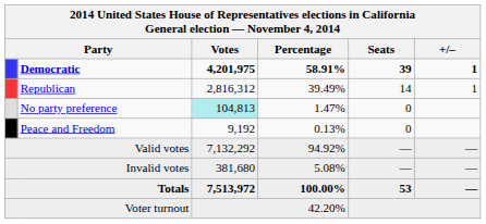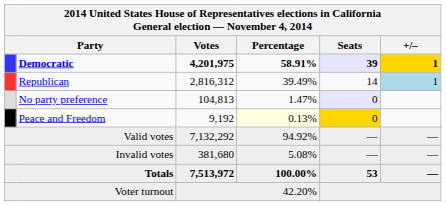 <table class="wikitable" style="font-size: 95%;">
 <tr>
 <th colspan="7">2014 United States House of Representatives elections in California<br>General election — November 4, 2014</th>
 </tr>
 <tr>
 <th colspan=2 style="width: 15em">Party</th>
 <th style="width: 5em">Votes</th>
 <th style="width: 7em">Percentage</th>
 <th style="width: 5em">Seats</th>
 <th style="width: 5em">+/–</th>
 </tr>
 <tr>
 <th style="background:#33f; width:3px;"></th>
 <td style="width: 130px"><strong><a href='#'>Democratic</a></strong></td>
 <td style="text-align:right;"><strong>4,201,975</strong></td>
 <td style="text-align:right;"><strong>58.91%</strong></td>
-<td style="text-align:right;"><strong>39</strong></td>
-<td style="text-align:right;"><strong> 1</strong></td>
+<td style="background: lavender; text-align:right;"><strong>39</strong></td>
+<td style="background: gold; text-align:right;"><strong> 1</strong></td>
 </tr>
 <tr>
 <th style="background:#f33; width:3px;"></th>
 <td style="width: 130px"><a href='#'>Republican</a></td>
 <td style="text-align:right;">2,816,312</td>
 <td style="text-align:right;">39.49%</td>
 <td style="text-align:right;">14</td>
-<td style="text-align:right;"> 1</td>
+<td style="background: lightblue; text-align:right;"> 1</td>
 </tr>
 <tr>
 <th style="background:#ddd; width:3px;"></th>
 <td style="width: 130px"><a href='#'>No party preference</a></td>
-<td style="background: paleturquoise; text-align:right;">104,813</td>
+<td style="text-align:right;">104,813</td>
 <td style="text-align:right;">1.47%</td>
-<td style="text-align:right;">0</td>
+<td style="background: lavender; text-align:right;">0</td>
 <td style="text-align:right;"></td>
 </tr>
 <tr>
 <th style="background:#000; width:3px;"></th>
 <td style="width: 130px"><a href='#'>Peace and Freedom</a></td>
 <td style="text-align:right;">9,192</td>
-<td style="text-align:right;">0.13%</td>
-<td style="text-align:right;">0</td>
+<td style="background: lightyellow; text-align:right;">0.13%</td>
+<td style="background: gold; text-align:right;">0</td>
 <td style="text-align:right;"></td>
 </tr>
 <tr style="background:#eee; text-align:right;">
 <td colspan="2">Valid votes</td>
 <td>7,132,292</td>
 <td>94.92%</td>
 <td>—</td>
 <td>—</td>
 </tr>
 <tr style="background:#eee; text-align:right;">
 <td colspan="2">Invalid votes</td>
 <td>381,680</td>
 <td>5.08%</td>
 <td>—</td>
 <td>—</td>
 </tr>
 <tr style="background:#eee; text-align:right;">
 <td colspan="2"><strong>Totals</strong></td>
 <td><strong>7,513,972</strong></td>
 <td><strong>100.00%</strong></td>
 <td><strong>53</strong></td>
 <td><strong>—</strong></td>
 </tr>
 <tr style="background:#eee; text-align:right;">
 <td colspan="2">Voter turnout</td>
 <td colspan="2">42.20%</td>
 <td colspan="2"></td>
 </tr>
 </table>
